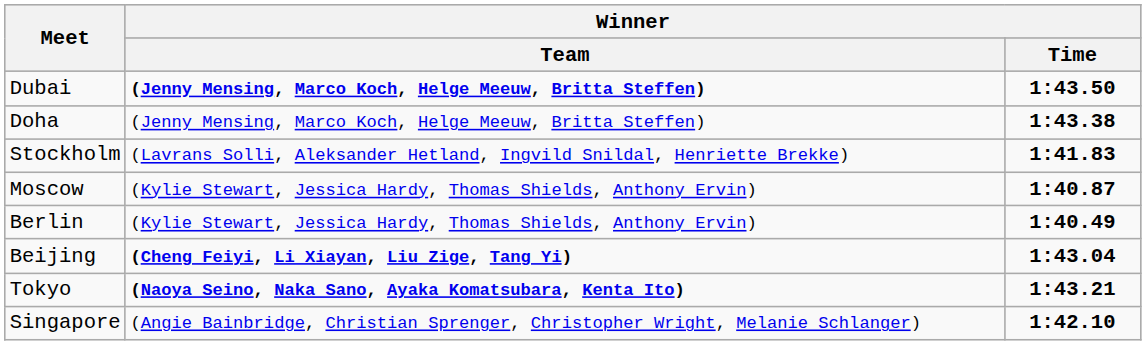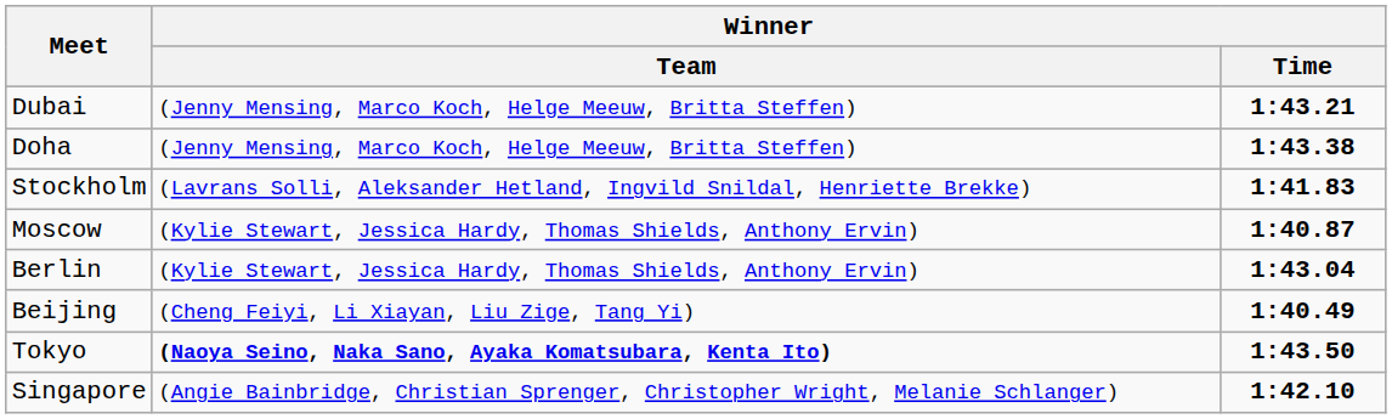 <table class="wikitable">
 <tr>
 <th rowspan="2">Meet</th>
 <th colspan="6">Winner</th>
 </tr>
 <tr>
 <th width=550>Team</th>
 <th width=80>Time</th>
 </tr>
 <tr>
 <td>Dubai</td>
-<td><strong> <small>(<a href='#'>Jenny Mensing</a>, <a href='#'>Marco Koch</a>, <a href='#'>Helge Meeuw</a>, <a href='#'>Britta Steffen</a>)</small></strong></td>
-<td align=center><strong>1:43.50</strong></td>
+<td> <small>(<a href='#'>Jenny Mensing</a>, <a href='#'>Marco Koch</a>, <a href='#'>Helge Meeuw</a>, <a href='#'>Britta Steffen</a>)</small></td>
+<td align=center><strong>1:43.21</strong></td>
 </tr>
 <tr>
 <td>Doha</td>
 <td> <small>(<a href='#'>Jenny Mensing</a>, <a href='#'>Marco Koch</a>, <a href='#'>Helge Meeuw</a>, <a href='#'>Britta Steffen</a>)</small></td>
 <td align=center><strong>1:43.38</strong></td>
 </tr>
 <tr>
 <td>Stockholm</td>
 <td> <small>(<a href='#'>Lavrans Solli</a>, <a href='#'>Aleksander Hetland</a>, <a href='#'>Ingvild Snildal</a>, <a href='#'>Henriette Brekke</a>)</small></td>
 <td align=center><strong>1:41.83</strong></td>
 </tr>
 <tr>
 <td>Moscow</td>
 <td> <small>(<a href='#'>Kylie Stewart</a>, <a href='#'>Jessica Hardy</a>, <a href='#'>Thomas Shields</a>, <a href='#'>Anthony Ervin</a>)</small></td>
 <td align=center><strong>1:40.87</strong></td>
 </tr>
 <tr>
 <td>Berlin</td>
 <td> <small>(<a href='#'>Kylie Stewart</a>, <a href='#'>Jessica Hardy</a>, <a href='#'>Thomas Shields</a>, <a href='#'>Anthony Ervin</a>)</small></td>
-<td align=center><strong>1:40.49</strong></td>
+<td align=center><strong>1:43.04</strong></td>
 </tr>
 <tr>
 <td>Beijing</td>
-<td><strong> <small>(<a href='#'>Cheng Feiyi</a>, <a href='#'>Li Xiayan</a>, <a href='#'>Liu Zige</a>, <a href='#'>Tang Yi</a>)</small></strong></td>
-<td align=center><strong>1:43.04</strong></td>
+<td> <small>(<a href='#'>Cheng Feiyi</a>, <a href='#'>Li Xiayan</a>, <a href='#'>Liu Zige</a>, <a href='#'>Tang Yi</a>)</small></td>
+<td align=center><strong>1:40.49</strong></td>
 </tr>
 <tr>
 <td>Tokyo</td>
 <td><strong> <small>(<a href='#'>Naoya Seino</a>, <a href='#'>Naka Sano</a>, <a href='#'>Ayaka Komatsubara</a>, <a href='#'>Kenta Ito</a>)</small></strong></td>
-<td align=center><strong>1:43.21</strong></td>
+<td align=center><strong>1:43.50</strong></td>
 </tr>
 <tr>
 <td>Singapore</td>
 <td> <small>(<a href='#'>Angie Bainbridge</a>, <a href='#'>Christian Sprenger</a>, <a href='#'>Christopher Wright</a>, <a href='#'>Melanie Schlanger</a>)</small></td>
 <td align=center><strong>1:42.10</strong></td>
 </tr>
 </table>
